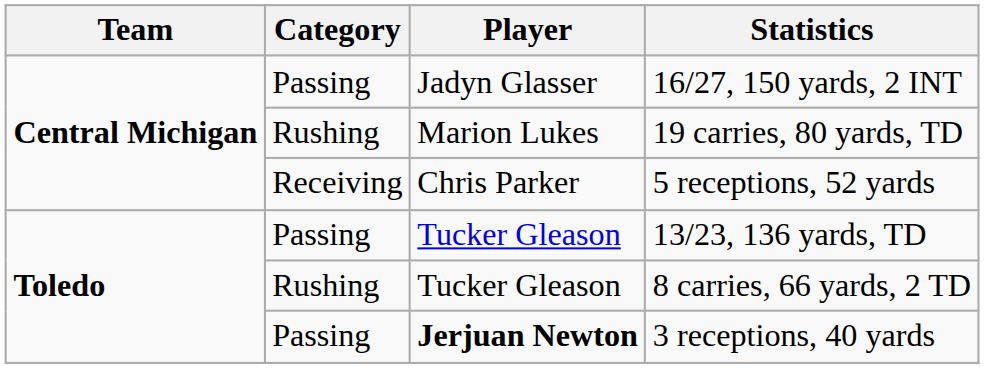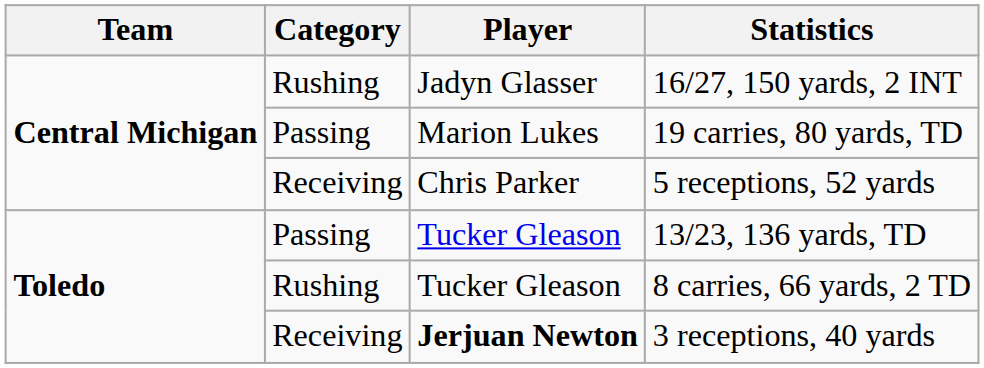 <table class="wikitable" style="float: right;">
 <tr>
 <th>Team</th>
 <th>Category</th>
 <th>Player</th>
 <th>Statistics</th>
 </tr>
 <tr>
 <td rowspan=3><strong>Central Michigan</strong></td>
-<td>Passing</td>
+<td>Rushing</td>
 <td>Jadyn Glasser</td>
 <td>16/27, 150 yards, 2 INT</td>
 </tr>
 <tr>
-<td>Rushing</td>
+<td>Passing</td>
 <td>Marion Lukes</td>
 <td>19 carries, 80 yards, TD</td>
 </tr>
 <tr>
 <td>Receiving</td>
 <td>Chris Parker</td>
 <td>5 receptions, 52 yards</td>
 </tr>
 <tr>
 <td rowspan=3><strong>Toledo</strong></td>
 <td>Passing</td>
 <td><a href='#'>Tucker Gleason</a></td>
 <td>13/23, 136 yards, TD</td>
 </tr>
 <tr>
 <td>Rushing</td>
 <td>Tucker Gleason</td>
 <td>8 carries, 66 yards, 2 TD</td>
 </tr>
 <tr>
-<td>Passing</td>
+<td>Receiving</td>
 <td><strong>Jerjuan Newton</strong></td>
 <td>3 receptions, 40 yards</td>
 </tr>
 </table>
